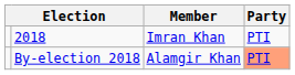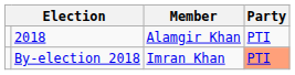 <table class="wikitable">
 <tr>
 <th colspan="2">Election</th>
 <th>Member</th>
 <th>Party</th>
 </tr>
 <tr>
 <td style="background-color: "></td>
 <td><a href='#'>2018</a></td>
-<td><a href='#'>Imran Khan</a></td>
+<td><a href='#'>Alamgir Khan</a></td>
 <td><a href='#'>PTI</a></td>
 </tr>
 <tr>
 <td style="background-color: "></td>
 <td><a href='#'>By-election 2018</a></td>
-<td><a href='#'>Alamgir Khan</a></td>
+<td><a href='#'>Imran Khan</a></td>
 <td style="background: lightsalmon;"><a href='#'>PTI</a></td>
 </tr>
 </table>
